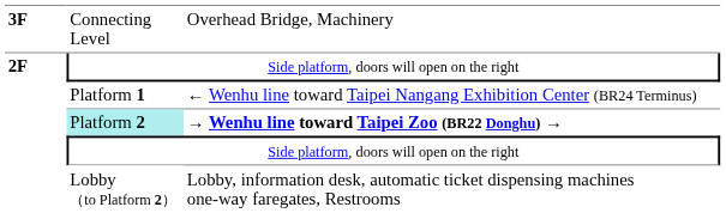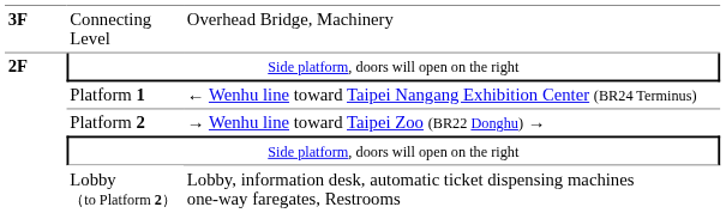 <table table border=0 cellspacing=0 cellpadding=3>
 <tr>
 <td style="border-bottom:solid 1px gray;border-top:solid 1px gray;" width=50 valign=top><strong>3F</strong></td>
 <td style="border-top:solid 1px gray;border-bottom:solid 1px gray;" width=100 valign=top>Connecting Level</td>
 <td style="border-top:solid 1px gray;border-bottom:solid 1px gray;" width=480 valign=top>Overhead Bridge, Machinery</td>
 </tr>
 <tr>
 <td style="border-bottom:solid 0px gray;" width=50 rowspan=10 valign=top><strong>2F</strong></td>
 </tr>
 <tr>
 <td style="border-right:solid 2px black;border-left:solid 2px black;border-bottom:solid 2px black;border-top:solid 0px gray;text-align:center;" colspan=2><small><a href='#'>Side platform</a>, doors will open on the right</small></td>
 </tr>
 <tr>
 <td style="border-bottom:solid 1px gray;" width=100>Platform <span><strong>1</strong></span></td>
 <td style="border-bottom:solid 1px gray;" width=390>←  <a href='#'>Wenhu line</a> toward <a href='#'>Taipei Nangang Exhibition Center</a> <small>(BR24 Terminus)</small></td>
 </tr>
 <tr>
-<td style="background: paleturquoise;">Platform <span><strong>2</strong></span></td>
-<td><strong><span>→</span>  <a href='#'>Wenhu line</a> toward <a href='#'>Taipei Zoo</a> <small>(BR22 <a href='#'>Donghu</a>)</small> →</strong></td>
+<td>Platform <span><strong>2</strong></span></td>
+<td><span>→</span>  <a href='#'>Wenhu line</a> toward <a href='#'>Taipei Zoo</a> <small>(BR22 <a href='#'>Donghu</a>)</small> →</td>
 </tr>
 <tr>
 <td style="border-top:solid 2px black;border-right:solid 2px black;border-left:solid 2px black;border-bottom:solid 1px gray;text-align:center;" colspan=2><small><a href='#'>Side platform</a>, doors will open on the right</small></td>
 </tr>
 <tr>
 <td style="border-top:solid 1px white;" rowspan=2 valign=top>Lobby<br><small>（to Platform <span><strong>2</strong></span>）</small></td>
 </tr>
 <tr>
 <td>Lobby, information desk, automatic ticket dispensing machines<br>one-way faregates, Restrooms</td>
 </tr>
 </table>
